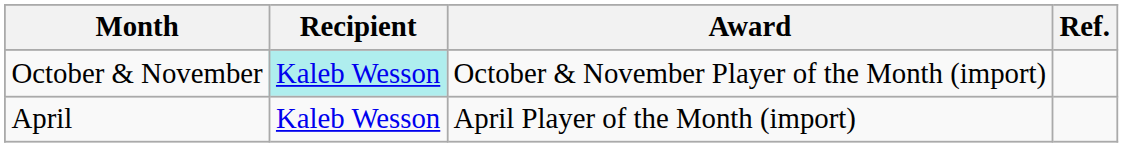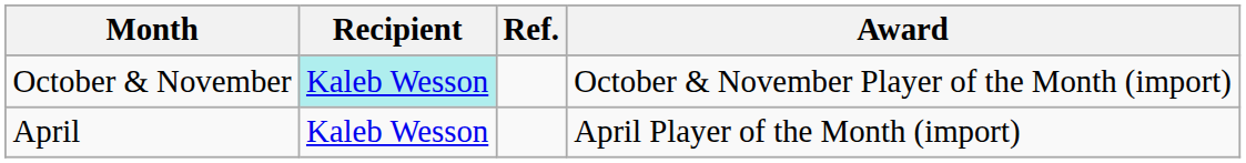 <table class="wikitable">
 <tr>
 <th>Month</th>
 <th>Recipient</th>
+<th>Ref.</th>
 <th>Award</th>
-<th>Ref.</th>
 </tr>
 <tr>
 <td>October & November</td>
 <td style="background: paleturquoise;"><a href='#'>Kaleb Wesson</a></td>
+<td></td>
 <td>October & November Player of the Month (import)</td>
-<td></td>
 </tr>
 <tr>
 <td>April</td>
 <td><a href='#'>Kaleb Wesson</a></td>
+<td></td>
 <td>April Player of the Month (import)</td>
-<td></td>
 </tr>
 </table>
